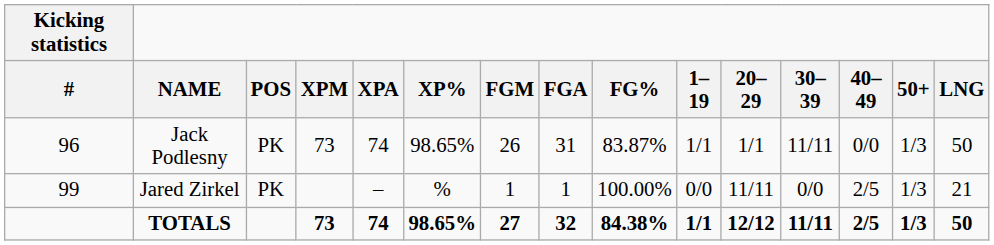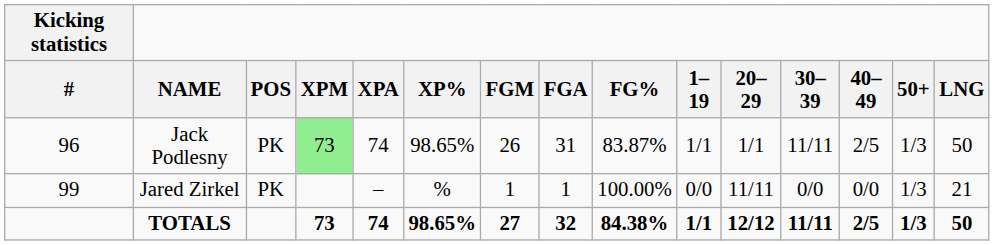 <table style="width:60%; text-align:center;" class="wikitable collapsible collapsed">
 <tr>
 <th style="text-align:center; ">Kicking statistics</th>
 </tr>
 <tr>
 <th>#</th>
 <th>NAME</th>
 <th>POS</th>
 <th>XPM</th>
 <th>XPA</th>
 <th>XP%</th>
 <th>FGM</th>
 <th>FGA</th>
 <th>FG%</th>
 <th>1–19</th>
 <th>20–29</th>
 <th>30–39</th>
 <th>40–49</th>
 <th>50+</th>
 <th>LNG</th>
 </tr>
 <tr>
 <td>96</td>
 <td>Jack Podlesny</td>
 <td>PK</td>
-<td>73</td>
+<td style="background: lightgreen;">73</td>
 <td>74</td>
 <td>98.65%</td>
 <td>26</td>
 <td>31</td>
 <td>83.87%</td>
 <td>1/1</td>
 <td>1/1</td>
 <td>11/11</td>
-<td>0/0</td>
+<td>2/5</td>
 <td>1/3</td>
 <td>50</td>
 </tr>
 <tr>
 <td>99</td>
 <td>Jared Zirkel</td>
 <td>PK</td>
 <td></td>
 <td>–</td>
 <td>%</td>
 <td>1</td>
 <td>1</td>
 <td>100.00%</td>
 <td>0/0</td>
 <td>11/11</td>
 <td>0/0</td>
-<td>2/5</td>
+<td>0/0</td>
 <td>1/3</td>
 <td>21</td>
 </tr>
 <tr>
 <td></td>
 <td><strong>TOTALS</strong></td>
 <td></td>
 <td><strong>73</strong></td>
 <td><strong>74</strong></td>
 <td><strong>98.65%</strong></td>
 <td><strong>27</strong></td>
 <td><strong>32</strong></td>
 <td><strong>84.38%</strong></td>
 <td><strong>1/1</strong></td>
 <td><strong>12/12</strong></td>
 <td><strong>11/11</strong></td>
 <td><strong>2/5</strong></td>
 <td><strong>1/3</strong></td>
 <td><strong>50</strong></td>
 </tr>
 </table>
